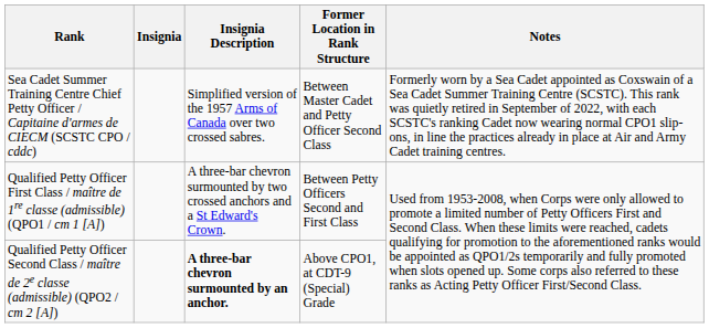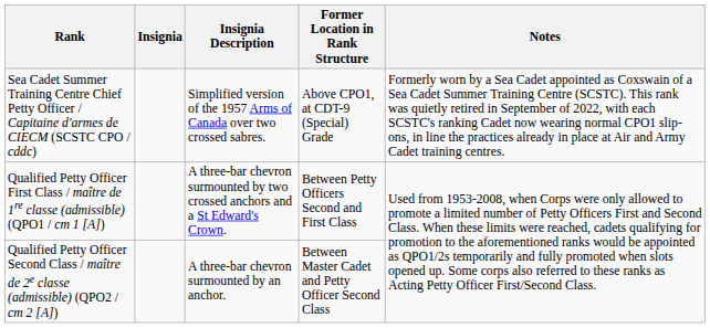 <table class="wikitable">
 <tr>
 <th>Rank</th>
 <th>Insignia</th>
 <th>Insignia Description</th>
 <th>Former Location in Rank Structure</th>
 <th>Notes</th>
 </tr>
 <tr>
 <td>Sea Cadet Summer Training Centre Chief Petty Officer / <em>Capitaine d'armes de CIECM</em>  (SCSTC CPO / <em>cddc</em>)</td>
 <td></td>
 <td>Simplified version of the 1957 <a href='#'>Arms of Canada</a> over two crossed sabres.</td>
-<td>Between Master Cadet and Petty Officer Second Class</td>
+<td>Above CPO1, at CDT-9 (Special) Grade</td>
 <td>Formerly worn by a Sea Cadet appointed as Coxswain of a Sea Cadet Summer Training Centre (SCSTC). This rank was quietly retired in September of 2022, with each SCSTC's ranking Cadet now wearing normal CPO1 slip-ons, in line the practices already in place at  Air and Army Cadet training centres.</td>
 </tr>
 <tr>
 <td>Qualified Petty Officer First Class  / <em>maître de 1<sup>re</sup> classe (admissible)</em><br>(QPO1 / <em>cm 1 [A]</em>)</td>
 <td></td>
 <td>A three-bar chevron surmounted by two crossed anchors and a <a href='#'>St Edward's Crown</a>.</td>
 <td>Between Petty Officers Second and First Class</td>
 <td rowspan="2">Used from 1953-2008, when Corps were only allowed to promote a limited number of Petty Officers First and Second Class. When these limits were reached, cadets qualifying for promotion to the aforementioned ranks would be appointed as QPO1/2s temporarily and fully promoted when slots opened up. Some corps also referred to these ranks as Acting Petty Officer First/Second Class.</td>
 </tr>
 <tr>
 <td>Qualified Petty Officer Second Class  / <em>maître de 2<sup>e</sup> classe</em> <em>(admissible)</em> (QPO2 / <em>cm 2 [A]</em>)</td>
 <td></td>
-<td><strong>A three-bar chevron surmounted by an anchor.</strong></td>
-<td>Above CPO1, at CDT-9 (Special) Grade</td>
+<td>A three-bar chevron surmounted by an anchor.</td>
+<td>Between Master Cadet and Petty Officer Second Class</td>
 </tr>
 </table>
